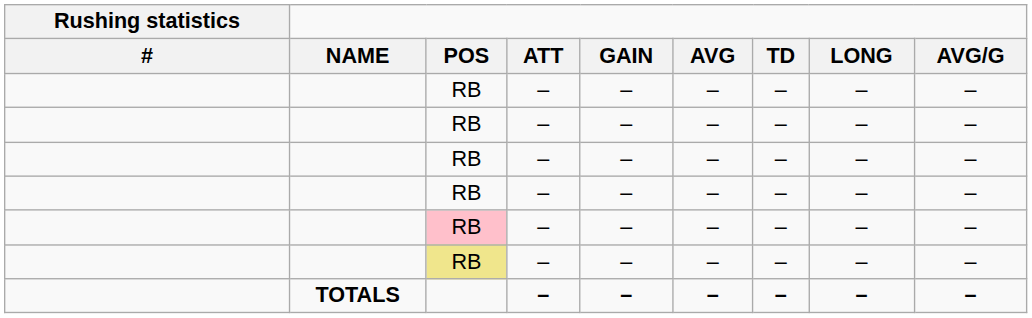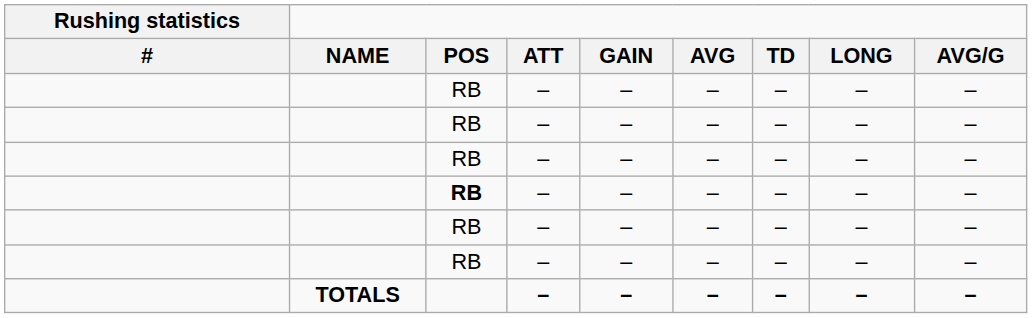 <table style="width:60%; text-align:center;" class="wikitable collapsible collapsed">
 <tr>
 <th style="text-align:center; ">Rushing statistics</th>
 </tr>
 <tr>
 <th>#</th>
 <th>NAME</th>
 <th>POS</th>
 <th>ATT</th>
 <th>GAIN</th>
 <th>AVG</th>
 <th>TD</th>
 <th>LONG</th>
 <th>AVG/G</th>
 </tr>
 <tr>
 <td></td>
 <td></td>
 <td>RB</td>
 <td>–</td>
 <td>–</td>
 <td>–</td>
 <td>–</td>
 <td>–</td>
 <td>–</td>
 </tr>
 <tr>
 <td></td>
 <td></td>
 <td>RB</td>
 <td>–</td>
 <td>–</td>
 <td>–</td>
 <td>–</td>
 <td>–</td>
 <td>–</td>
 </tr>
 <tr>
 <td></td>
 <td></td>
 <td>RB</td>
 <td>–</td>
 <td>–</td>
 <td>–</td>
 <td>–</td>
 <td>–</td>
 <td>–</td>
 </tr>
 <tr>
 <td></td>
 <td></td>
+<td><strong>RB</strong></td>
+<td>–</td>
+<td>–</td>
+<td>–</td>
+<td>–</td>
+<td>–</td>
+<td>–</td>
+</tr>
+<tr>
+<td></td>
+<td></td>
 <td>RB</td>
 <td>–</td>
 <td>–</td>
 <td>–</td>
 <td>–</td>
 <td>–</td>
 <td>–</td>
 </tr>
 <tr>
 <td></td>
 <td></td>
-<td style="background: pink;">RB</td>
-<td>–</td>
-<td>–</td>
-<td>–</td>
-<td>–</td>
-<td>–</td>
-<td>–</td>
-</tr>
-<tr>
-<td></td>
-<td></td>
-<td style="background: khaki;">RB</td>
+<td>RB</td>
 <td>–</td>
 <td>–</td>
 <td>–</td>
 <td>–</td>
 <td>–</td>
 <td>–</td>
 </tr>
 <tr>
 <td></td>
 <td><strong>TOTALS</strong></td>
 <td></td>
 <td><strong>–</strong></td>
 <td><strong>–</strong></td>
 <td><strong>–</strong></td>
 <td><strong>–</strong></td>
 <td><strong>–</strong></td>
 <td><strong>–</strong></td>
 </tr>
 </table>
